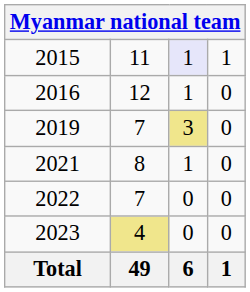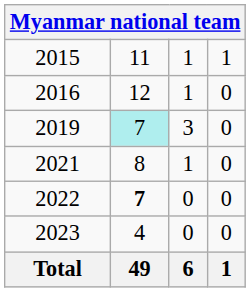 <table class="wikitable" style="text-align:center">
 <tr>
 <th colspan=4><a href='#'>Myanmar national team</a></th>
 </tr>
 <tr>
 <td>2015</td>
 <td>11</td>
-<td style="background: lavender;">1</td>
+<td>1</td>
 <td>1</td>
 </tr>
 <tr>
 <td>2016</td>
 <td>12</td>
 <td>1</td>
 <td>0</td>
 </tr>
 <tr>
 <td>2019</td>
-<td>7</td>
-<td style="background: khaki;">3</td>
+<td style="background: paleturquoise;">7</td>
+<td>3</td>
 <td>0</td>
 </tr>
 <tr>
 <td>2021</td>
 <td>8</td>
 <td>1</td>
 <td>0</td>
 </tr>
 <tr>
 <td>2022</td>
-<td>7</td>
+<td><strong>7</strong></td>
 <td>0</td>
 <td>0</td>
 </tr>
 <tr>
 <td>2023</td>
-<td style="background: khaki;">4</td>
+<td>4</td>
 <td>0</td>
 <td>0</td>
 </tr>
 <tr>
 <th>Total</th>
 <th>49</th>
 <th>6</th>
 <th>1</th>
 </tr>
 </table>
